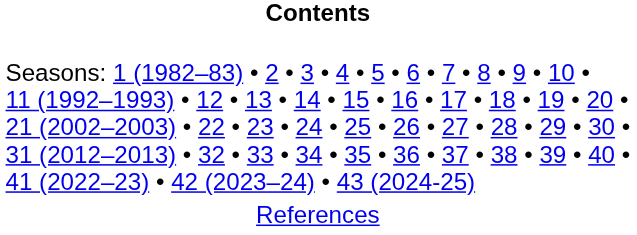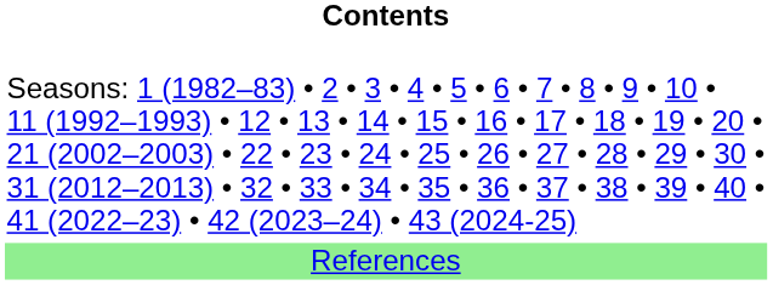 <table id="toc" class="toc" summary="Contents">
 <tr>
 <td style="text-align: center;"><strong>Contents</strong></td>
 </tr>
 <tr>
 <td><br>Seasons: <a href='#'>1 (1982–83)</a> • <a href='#'>2</a> • <a href='#'>3</a> • <a href='#'>4</a> • <a href='#'>5</a> • <a href='#'>6</a> • <a href='#'>7</a> • <a href='#'>8</a> • <a href='#'>9</a> • <a href='#'>10</a> •<br> <a href='#'>11 (1992–1993)</a> • <a href='#'>12</a> • <a href='#'>13</a> • <a href='#'>14</a> • <a href='#'>15</a> • <a href='#'>16</a> • <a href='#'>17</a> • <a href='#'>18</a> • <a href='#'>19</a> • <a href='#'>20</a> •<br> <a href='#'>21 (2002–2003)</a> • <a href='#'>22</a> • <a href='#'>23</a> • <a href='#'>24</a> • <a href='#'>25</a> • <a href='#'>26</a> • <a href='#'>27</a> • <a href='#'>28</a> • <a href='#'>29</a> • <a href='#'>30</a> •<br> <a href='#'>31 (2012–2013)</a> • <a href='#'>32</a> • <a href='#'>33</a> • <a href='#'>34</a> • <a href='#'>35</a> • <a href='#'>36</a> • <a href='#'>37</a> • <a href='#'>38</a> • <a href='#'>39</a> • <a href='#'>40</a> •<br> <a href='#'>41 (2022–23)</a> • <a href='#'>42 (2023–24)</a> • <a href='#'>43 (2024-25)</a></td>
 </tr>
 <tr>
-<td style="text-align: center;"><a href='#'>References</a></td>
+<td style="background: lightgreen; text-align: center;"><a href='#'>References</a></td>
 </tr>
 </table>
